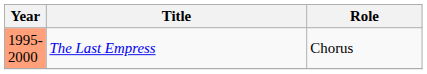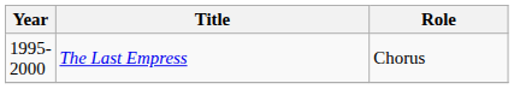 <table class = "wikitable" style="width:450px">
 <tr>
 <th width=10>Year</th>
 <th>Title</th>
 <th>Role</th>
 </tr>
 <tr>
-<td style="background: lightsalmon;">1995-2000</td>
+<td>1995-2000</td>
 <td><em><a href='#'>The Last Empress</a></em></td>
 <td>Chorus</td>
 </tr>
 <tr>
 </tr>
 </table>
